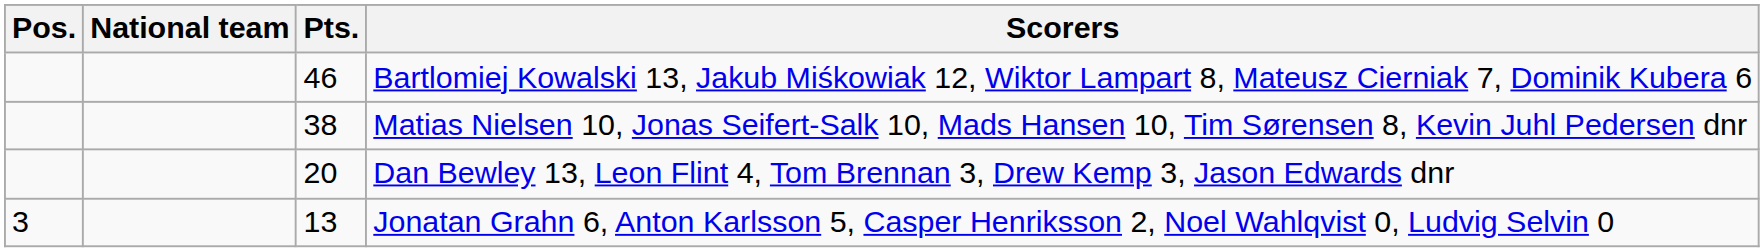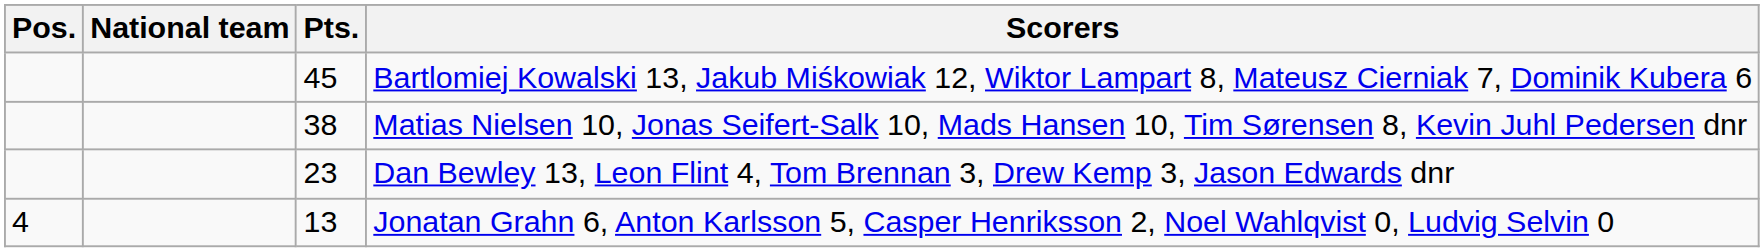 <table class=wikitable>
 <tr>
 <th>Pos.</th>
 <th>National team</th>
 <th>Pts.</th>
 <th>Scorers</th>
 </tr>
 <tr>
 <td></td>
 <td align=left></td>
-<td>46</td>
+<td>45</td>
 <td><a href='#'>Bartlomiej Kowalski</a> 13, <a href='#'>Jakub Miśkowiak</a> 12, <a href='#'>Wiktor Lampart</a> 8, <a href='#'>Mateusz Cierniak</a> 7, <a href='#'>Dominik Kubera</a> 6</td>
 </tr>
 <tr>
 <td></td>
 <td align=left></td>
 <td>38</td>
 <td><a href='#'>Matias Nielsen</a> 10, <a href='#'>Jonas Seifert-Salk</a> 10, <a href='#'>Mads Hansen</a> 10, <a href='#'>Tim Sørensen</a> 8, <a href='#'>Kevin Juhl Pedersen</a> dnr</td>
 </tr>
 <tr>
 <td></td>
 <td align=left></td>
-<td>20</td>
+<td>23</td>
 <td><a href='#'>Dan Bewley</a> 13, <a href='#'>Leon Flint</a> 4, <a href='#'>Tom Brennan</a> 3, <a href='#'>Drew Kemp</a> 3, <a href='#'>Jason Edwards</a> dnr</td>
 </tr>
 <tr>
-<td>3</td>
+<td>4</td>
 <td align=left></td>
 <td>13</td>
 <td><a href='#'>Jonatan Grahn</a> 6, <a href='#'>Anton Karlsson</a> 5, <a href='#'>Casper Henriksson</a> 2, <a href='#'>Noel Wahlqvist</a> 0, <a href='#'>Ludvig Selvin</a> 0</td>
 </tr>
 </table>
